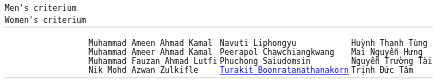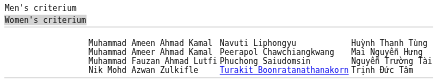 <table>
 <tr>
 <td>Men's criterium<br></td>
 <td></td>
 <td></td>
 <td nowrap=true></td>
 </tr>
 <tr>
-<td>Women's criterium<br></td>
+<td style="background: lightgrey;">Women's criterium<br></td>
 <td></td>
 <td></td>
 <td></td>
 </tr>
 <tr bgcolor=#DDDDDD>
 <td colspan=7></td>
 </tr>
 <tr>
 <td><br></td>
 <td nowrap=true><br>Muhammad Ameen Ahmad Kamal<br>Muhammad Ameer Ahmad Kamal<br>Muhammad Fauzan Ahmad Lutfi<br>Nik Mohd Azwan Zulkifle</td>
 <td nowrap=true><br>Navuti Liphongyu<br>Peerapol Chawchiangkwang<br>Phuchong Saiudomsin<br><a href='#'>Turakit Boonratanathanakorn</a></td>
 <td><br>Huỳnh Thanh Tùng<br>Mai Nguyễn Hưng<br>Nguyễn Trường Tài<br>Trịnh Đức Tâm</td>
 </tr>
 <tr bgcolor=#DDDDDD>
 <td colspan=7></td>
 </tr>
 <tr>
 <td><br></td>
 <td></td>
 <td></td>
 <td></td>
 </tr>
 <tr>
 <td><br></td>
 <td></td>
 <td></td>
 <td></td>
 </tr>
 </table>
